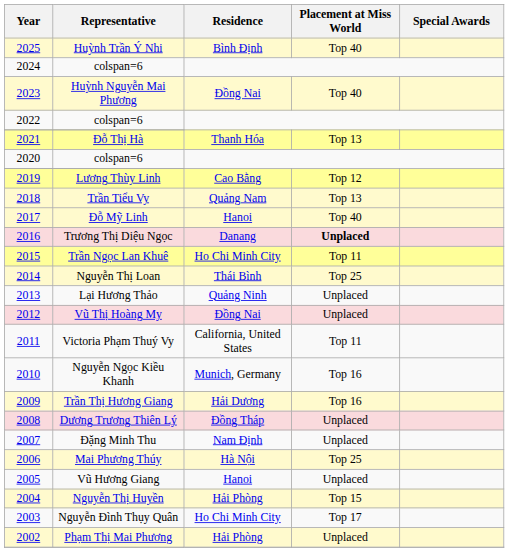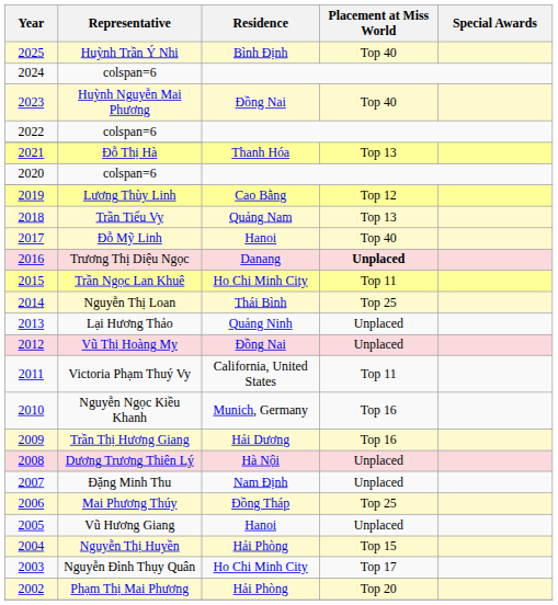 <table class="wikitable sortable" style="font-size: 90%; text-align:center">
 <tr>
 <th width="80">Year</th>
 <th width="230">Representative</th>
 <th width="200">Residence</th>
 <th width="200">Placement at Miss World</th>
 <th width="210">Special Awards</th>
 </tr>
 <tr style="background-color:#FFFACD;">
 <td><a href='#'>2025</a></td>
 <td><a href='#'>Huỳnh Trần Ý Nhi</a></td>
 <td><a href='#'>Bình Định</a></td>
 <td>Top 40</td>
 <td style="background:;"></td>
 </tr>
 <tr>
 <td>2024</td>
 <td>colspan=6 </td>
 </tr>
 <tr style="background-color:#FFFACD;">
 <td><a href='#'>2023</a></td>
 <td><a href='#'>Huỳnh Nguyễn Mai Phương</a></td>
 <td><a href='#'>Đồng Nai</a></td>
 <td>Top 40</td>
 <td style="background:;"></td>
 </tr>
 <tr>
 <td>2022</td>
 <td>colspan=6 </td>
 </tr>
 <tr>
 </tr>
 <tr style="background-color:#FFFF99;">
 <td><a href='#'>2021</a></td>
 <td><a href='#'>Đỗ Thị Hà</a></td>
 <td><a href='#'>Thanh Hóa</a></td>
 <td>Top 13</td>
 <td style="background:;"></td>
 </tr>
 <tr>
 <td>2020</td>
 <td>colspan=6 </td>
 </tr>
 <tr>
 </tr>
 <tr style="background-color:#FFFF99;">
 <td><a href='#'>2019</a></td>
 <td><a href='#'>Lương Thùy Linh</a></td>
 <td><a href='#'>Cao Bằng</a></td>
 <td>Top 12</td>
 <td style="background:;"></td>
 </tr>
 <tr style="background-color:#FFFACD;">
 <td><a href='#'>2018</a></td>
 <td><a href='#'>Trần Tiểu Vy</a></td>
 <td><a href='#'>Quảng Nam</a></td>
 <td>Top 13</td>
 <td style="background:;"></td>
 </tr>
 <tr style="background-color:#FFFACD;">
 <td><a href='#'>2017</a></td>
 <td><a href='#'>Đỗ Mỹ Linh</a></td>
 <td><a href='#'>Hanoi</a></td>
 <td>Top 40</td>
 <td style="background:;"></td>
 </tr>
 <tr style="background-color:#FADADD;">
 <td><a href='#'>2016</a></td>
 <td>Trương Thị Diệu Ngọc</td>
 <td><a href='#'>Danang</a></td>
 <td><strong>Unplaced</strong></td>
 <td style="background:;"></td>
 </tr>
 <tr style="background-color:#FFFF99;">
 <td><a href='#'>2015</a></td>
 <td><a href='#'>Trần Ngọc Lan Khuê</a></td>
 <td><a href='#'>Ho Chi Minh City</a></td>
 <td>Top 11</td>
 <td style="background:;"></td>
 </tr>
 <tr style="background-color:#FFFACD;">
 <td><a href='#'>2014</a></td>
 <td>Nguyễn Thị Loan</td>
 <td><a href='#'>Thái Bình</a></td>
 <td>Top 25</td>
 <td style="background:;"></td>
 </tr>
 <tr>
 <td><a href='#'>2013</a></td>
 <td>Lại Hương Thảo</td>
 <td><a href='#'>Quảng Ninh</a></td>
 <td>Unplaced</td>
 <td></td>
 </tr>
 <tr style="background-color:#FADADD;">
 <td><a href='#'>2012</a></td>
 <td><a href='#'>Vũ Thị Hoàng My</a></td>
 <td><a href='#'>Đồng Nai</a></td>
 <td>Unplaced</td>
 <td style="background:;"></td>
 </tr>
 <tr>
 <td><a href='#'>2011</a></td>
 <td>Victoria Phạm Thuý Vy</td>
 <td>California, United States</td>
 <td>Top 11</td>
 <td></td>
 </tr>
 <tr>
 <td><a href='#'>2010</a></td>
 <td>Nguyễn Ngọc Kiều Khanh</td>
 <td><a href='#'>Munich</a>, Germany</td>
 <td>Top 16</td>
 <td></td>
 </tr>
 <tr style="background-color:#FFFACD;">
 <td><a href='#'>2009</a></td>
 <td><a href='#'>Trần Thị Hương Giang</a></td>
 <td><a href='#'>Hải Dương</a></td>
 <td>Top 16</td>
 <td style="background:;"></td>
 </tr>
 <tr style="background-color:#FADADD;">
 <td><a href='#'>2008</a></td>
 <td><a href='#'>Dương Trương Thiên Lý</a></td>
-<td><a href='#'>Đồng Tháp</a></td>
+<td><a href='#'>Hà Nội</a></td>
 <td>Unplaced</td>
 <td style="background:;"></td>
 </tr>
 <tr>
 <td><a href='#'>2007</a></td>
 <td>Đặng Minh Thu</td>
 <td><a href='#'>Nam Định</a></td>
 <td>Unplaced</td>
 <td></td>
 </tr>
 <tr style="background-color:#FFFACD;">
 <td><a href='#'>2006</a></td>
 <td><a href='#'>Mai Phương Thúy</a></td>
-<td><a href='#'>Hà Nội</a></td>
+<td><a href='#'>Đồng Tháp</a></td>
 <td>Top 25</td>
 <td style="background:;"></td>
 </tr>
 <tr>
 <td><a href='#'>2005</a></td>
 <td>Vũ Hương Giang</td>
 <td><a href='#'>Hanoi</a></td>
 <td>Unplaced</td>
 <td></td>
 </tr>
 <tr style="background-color:#FFFACD;">
 <td><a href='#'>2004</a></td>
 <td><a href='#'>Nguyễn Thị Huyền</a></td>
 <td><a href='#'>Hải Phòng</a></td>
 <td>Top 15</td>
 <td></td>
 </tr>
 <tr>
 <td><a href='#'>2003</a></td>
 <td>Nguyễn Đình Thụy Quân</td>
 <td><a href='#'>Ho Chi Minh City</a></td>
 <td>Top 17</td>
 <td></td>
 </tr>
 <tr style="background-color:#FFFACD;">
 <td><a href='#'>2002</a></td>
 <td><a href='#'>Phạm Thị Mai Phương</a></td>
 <td><a href='#'>Hải Phòng</a></td>
-<td>Unplaced</td>
+<td>Top 20</td>
 <td></td>
 </tr>
 <tr>
 </tr>
 </table>
